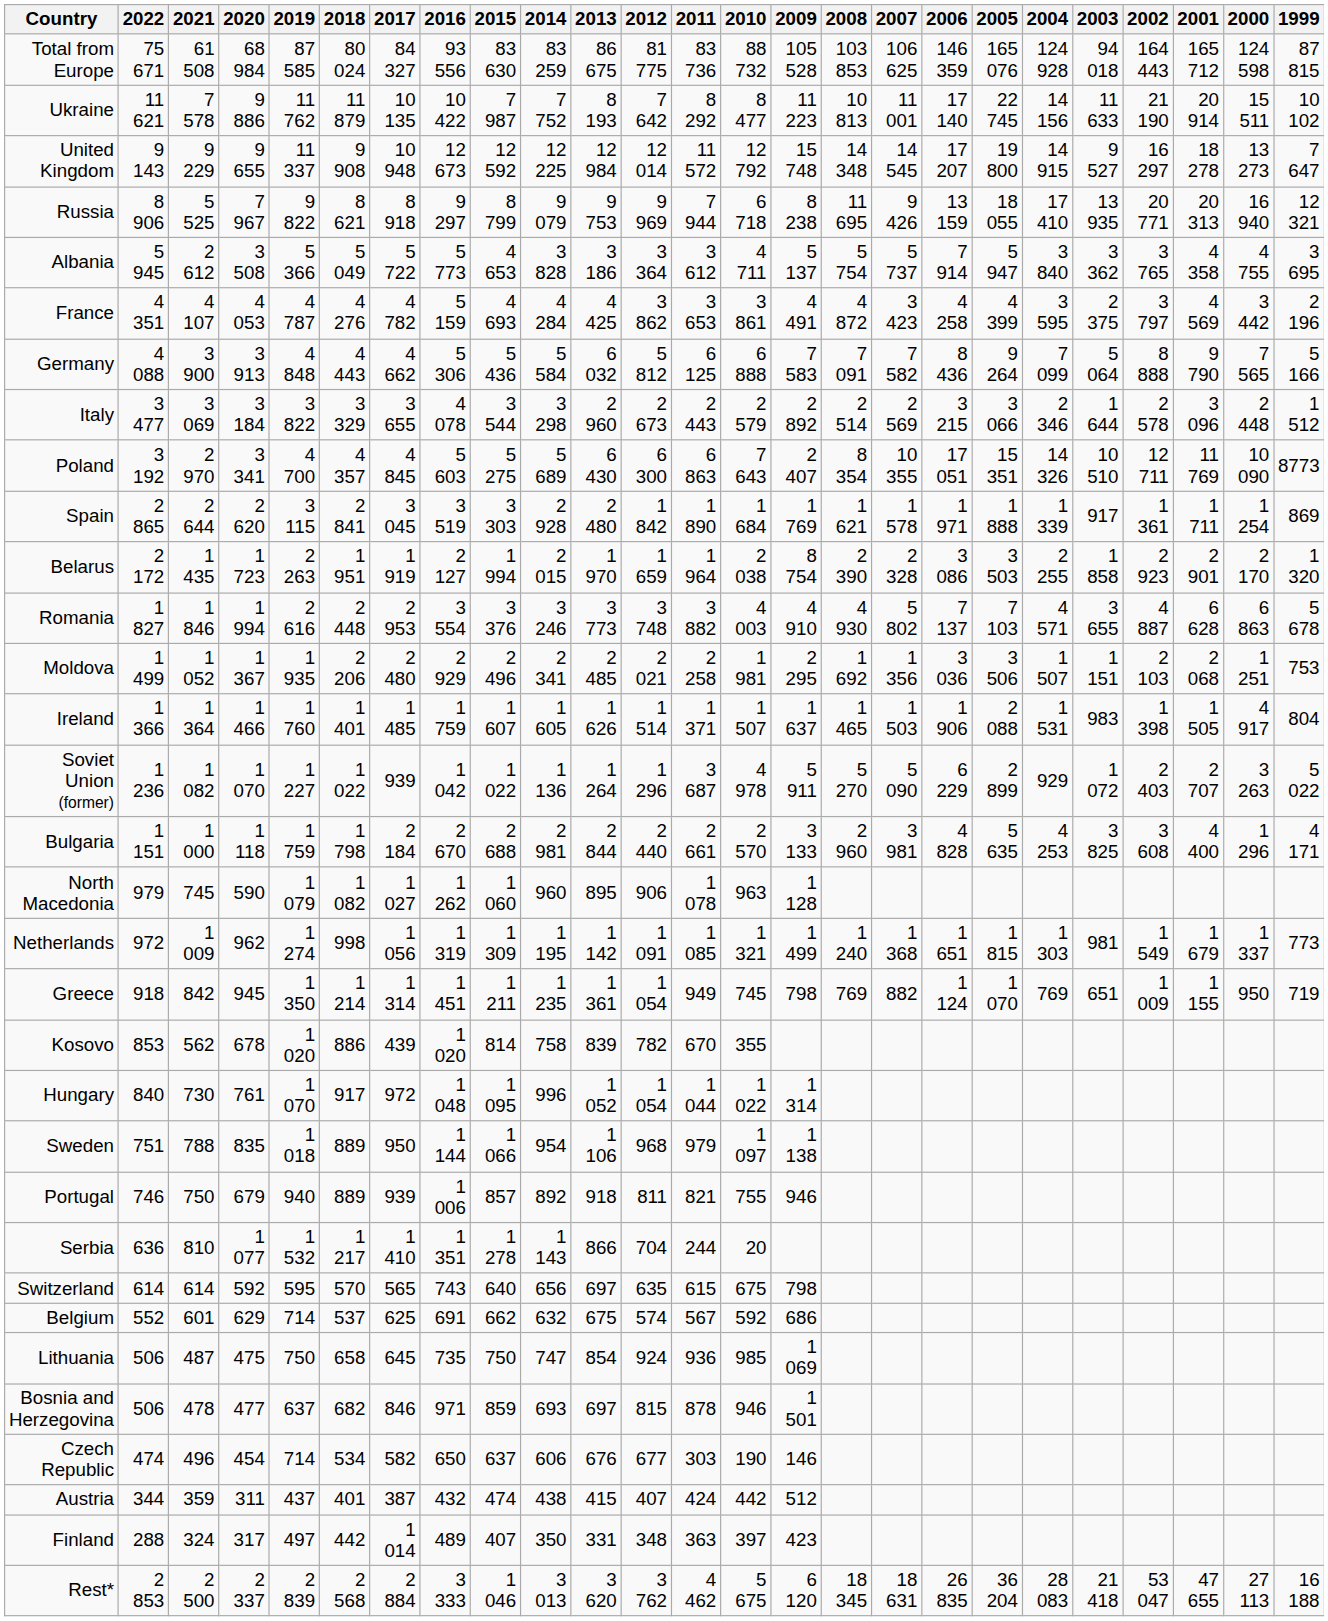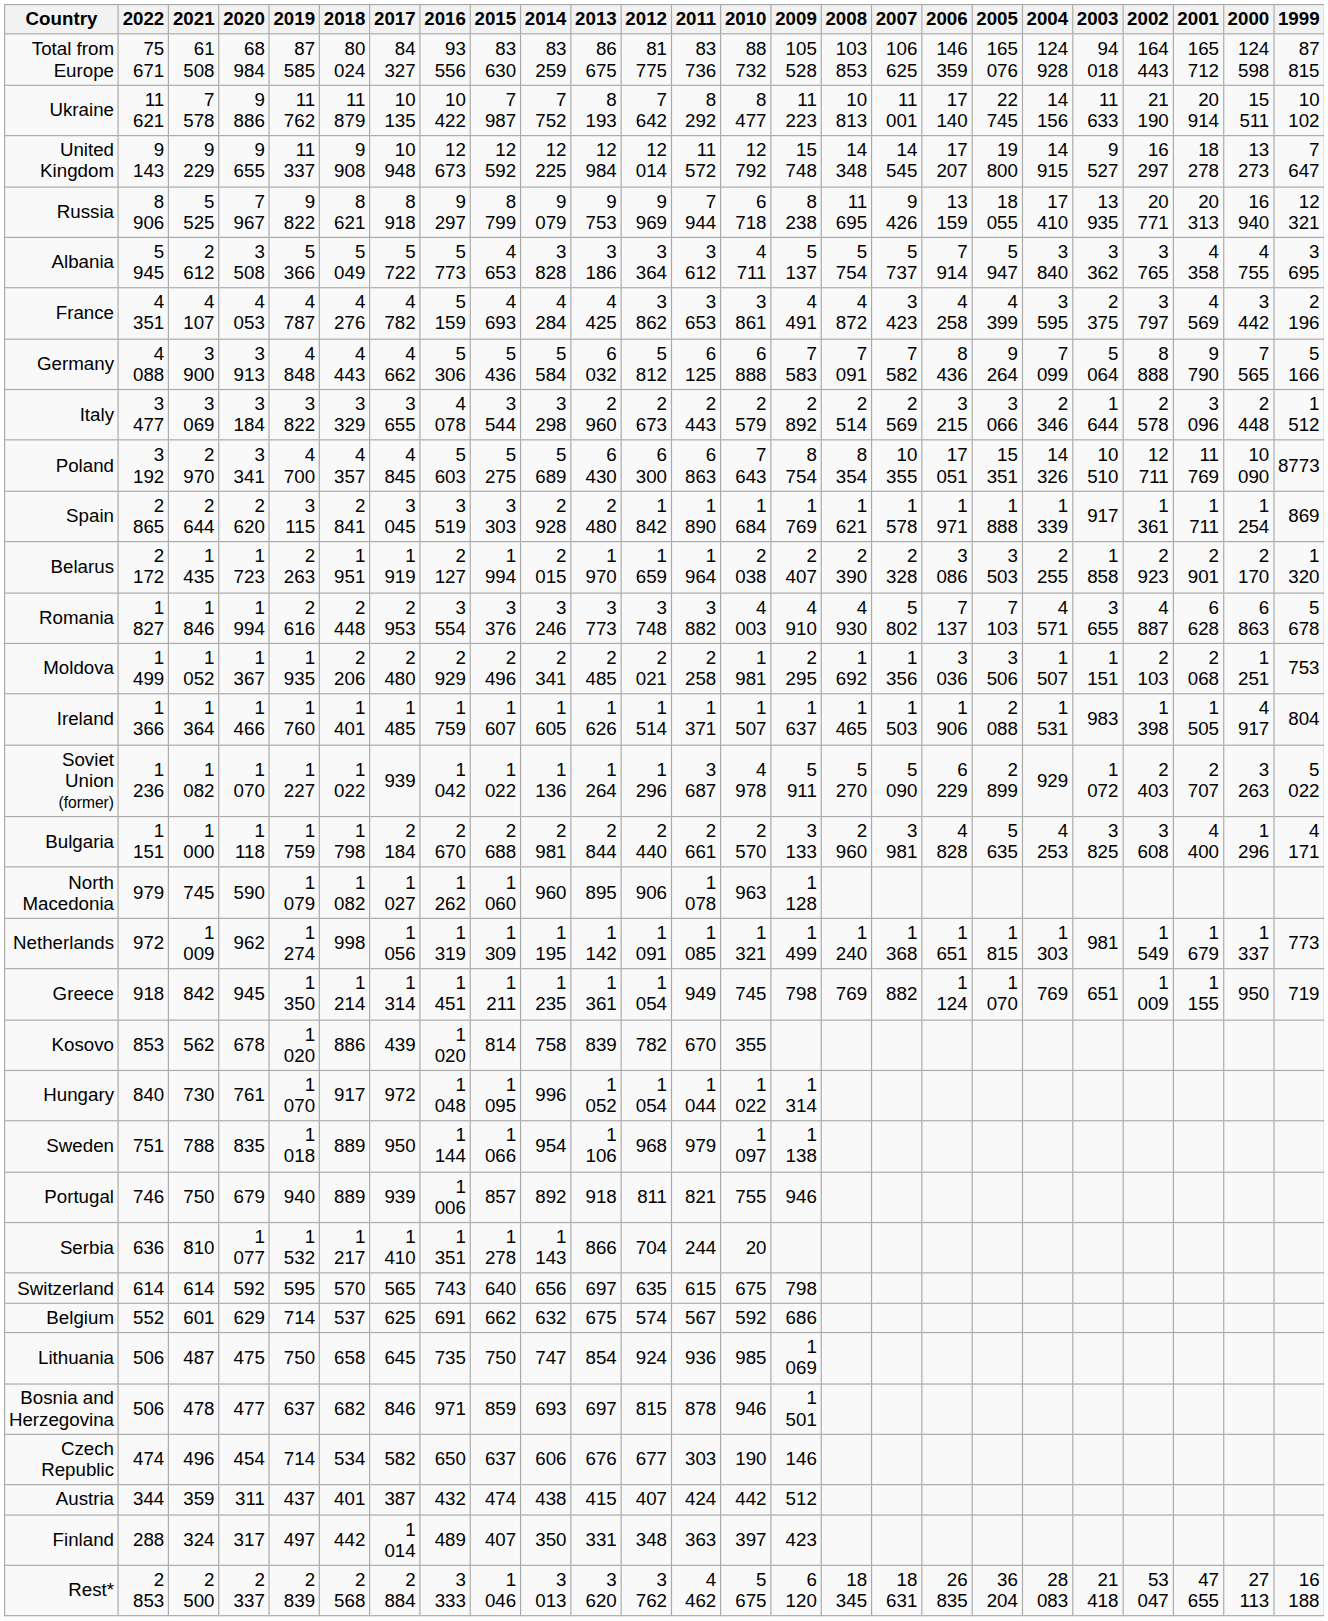 <table class="wikitable" style="text-align: right;">
 <tr>
 <th style="width:120pt;">Country</th>
 <th style="width:120pt;">2022</th>
 <th style="width:120pt;">2021</th>
 <th style="width:120pt;">2020</th>
 <th style="width:120pt;">2019</th>
 <th style="width:120pt;">2018</th>
 <th style="width:120pt;">2017</th>
 <th style="width:120pt;">2016</th>
 <th style="width:120pt;">2015</th>
 <th style="width:120pt;">2014</th>
 <th style="width:120pt;">2013</th>
 <th style="width:120pt;">2012</th>
 <th style="width:120pt;">2011</th>
 <th style="width:120pt;">2010</th>
 <th style="width:120pt;">2009</th>
 <th style="width:120pt;">2008</th>
 <th style="width:120pt;">2007</th>
 <th style="width:120pt;">2006</th>
 <th style="width:120pt;">2005</th>
 <th style="width:120pt;">2004</th>
 <th style="width:120pt;">2003</th>
 <th style="width:120pt;">2002</th>
 <th style="width:120pt;">2001</th>
 <th style="width:120pt;">2000</th>
 <th style="width:120pt;">1999</th>
 </tr>
 <tr>
 <td>Total from Europe</td>
 <td>75 671</td>
 <td>61 508</td>
 <td>68 984</td>
 <td>87 585</td>
 <td>80 024</td>
 <td>84 327</td>
 <td>93 556</td>
 <td>83 630</td>
 <td>83 259</td>
 <td>86 675</td>
 <td>81 775</td>
 <td>83 736</td>
 <td>88 732</td>
 <td>105 528</td>
 <td>103 853</td>
 <td>106 625</td>
 <td>146 359</td>
 <td>165 076</td>
 <td>124 928</td>
 <td>94 018</td>
 <td>164 443</td>
 <td>165 712</td>
 <td>124 598</td>
 <td>87 815</td>
 </tr>
 <tr>
 <td>Ukraine</td>
 <td>11 621</td>
 <td>7 578</td>
 <td>9 886</td>
 <td>11 762</td>
 <td>11 879</td>
 <td>10 135</td>
 <td>10 422</td>
 <td>7 987</td>
 <td>7 752</td>
 <td>8 193</td>
 <td>7 642</td>
 <td>8 292</td>
 <td>8 477</td>
 <td>11 223</td>
 <td>10 813</td>
 <td>11 001</td>
 <td>17 140</td>
 <td>22 745</td>
 <td>14 156</td>
 <td>11 633</td>
 <td>21 190</td>
 <td>20 914</td>
 <td>15 511</td>
 <td>10 102</td>
 </tr>
 <tr>
 <td>United Kingdom</td>
 <td>9 143</td>
 <td>9 229</td>
 <td>9 655</td>
 <td>11 337</td>
 <td>9 908</td>
 <td>10 948</td>
 <td>12 673</td>
 <td>12 592</td>
 <td>12 225</td>
 <td>12 984</td>
 <td>12 014</td>
 <td>11 572</td>
 <td>12 792</td>
 <td>15 748</td>
 <td>14 348</td>
 <td>14 545</td>
 <td>17 207</td>
 <td>19 800</td>
 <td>14 915</td>
 <td>9 527</td>
 <td>16 297</td>
 <td>18 278</td>
 <td>13 273</td>
 <td>7 647</td>
 </tr>
 <tr>
 <td>Russia</td>
 <td>8 906</td>
 <td>5 525</td>
 <td>7 967</td>
 <td>9 822</td>
 <td>8 621</td>
 <td>8 918</td>
 <td>9 297</td>
 <td>8 799</td>
 <td>9 079</td>
 <td>9 753</td>
 <td>9 969</td>
 <td>7 944</td>
 <td>6 718</td>
 <td>8 238</td>
 <td>11 695</td>
 <td>9 426</td>
 <td>13 159</td>
 <td>18 055</td>
 <td>17 410</td>
 <td>13 935</td>
 <td>20 771</td>
 <td>20 313</td>
 <td>16 940</td>
 <td>12 321</td>
 </tr>
 <tr>
 <td>Albania</td>
 <td>5 945</td>
 <td>2 612</td>
 <td>3 508</td>
 <td>5 366</td>
 <td>5 049</td>
 <td>5 722</td>
 <td>5 773</td>
 <td>4 653</td>
 <td>3 828</td>
 <td>3 186</td>
 <td>3 364</td>
 <td>3 612</td>
 <td>4 711</td>
 <td>5 137</td>
 <td>5 754</td>
 <td>5 737</td>
 <td>7 914</td>
 <td>5 947</td>
 <td>3 840</td>
 <td>3 362</td>
 <td>3 765</td>
 <td>4 358</td>
 <td>4 755</td>
 <td>3 695</td>
 </tr>
 <tr>
 <td>France</td>
 <td>4 351</td>
 <td>4 107</td>
 <td>4 053</td>
 <td>4 787</td>
 <td>4 276</td>
 <td>4 782</td>
 <td>5 159</td>
 <td>4 693</td>
 <td>4 284</td>
 <td>4 425</td>
 <td>3 862</td>
 <td>3 653</td>
 <td>3 861</td>
 <td>4 491</td>
 <td>4 872</td>
 <td>3 423</td>
 <td>4 258</td>
 <td>4 399</td>
 <td>3 595</td>
 <td>2 375</td>
 <td>3 797</td>
 <td>4 569</td>
 <td>3 442</td>
 <td>2 196</td>
 </tr>
 <tr>
 <td>Germany</td>
 <td>4 088</td>
 <td>3 900</td>
 <td>3 913</td>
 <td>4 848</td>
 <td>4 443</td>
 <td>4 662</td>
 <td>5 306</td>
 <td>5 436</td>
 <td>5 584</td>
 <td>6 032</td>
 <td>5 812</td>
 <td>6 125</td>
 <td>6 888</td>
 <td>7 583</td>
 <td>7 091</td>
 <td>7 582</td>
 <td>8 436</td>
 <td>9 264</td>
 <td>7 099</td>
 <td>5 064</td>
 <td>8 888</td>
 <td>9 790</td>
 <td>7 565</td>
 <td>5 166</td>
 </tr>
 <tr>
 <td>Italy</td>
 <td>3 477</td>
 <td>3 069</td>
 <td>3 184</td>
 <td>3 822</td>
 <td>3 329</td>
 <td>3 655</td>
 <td>4 078</td>
 <td>3 544</td>
 <td>3 298</td>
 <td>2 960</td>
 <td>2 673</td>
 <td>2 443</td>
 <td>2 579</td>
 <td>2 892</td>
 <td>2 514</td>
 <td>2 569</td>
 <td>3 215</td>
 <td>3 066</td>
 <td>2 346</td>
 <td>1 644</td>
 <td>2 578</td>
 <td>3 096</td>
 <td>2 448</td>
 <td>1 512</td>
 </tr>
 <tr>
 <td>Poland</td>
 <td>3 192</td>
 <td>2 970</td>
 <td>3 341</td>
 <td>4 700</td>
 <td>4 357</td>
 <td>4 845</td>
 <td>5 603</td>
 <td>5 275</td>
 <td>5 689</td>
 <td>6 430</td>
 <td>6 300</td>
 <td>6 863</td>
 <td>7 643</td>
-<td>2 407</td>
+<td>8 754</td>
 <td>8 354</td>
 <td>10 355</td>
 <td>17 051</td>
 <td>15 351</td>
 <td>14 326</td>
 <td>10 510</td>
 <td>12 711</td>
 <td>11 769</td>
 <td>10 090</td>
 <td>8773</td>
 </tr>
 <tr>
 <td>Spain</td>
 <td>2 865</td>
 <td>2 644</td>
 <td>2 620</td>
 <td>3 115</td>
 <td>2 841</td>
 <td>3 045</td>
 <td>3 519</td>
 <td>3 303</td>
 <td>2 928</td>
 <td>2 480</td>
 <td>1 842</td>
 <td>1 890</td>
 <td>1 684</td>
 <td>1 769</td>
 <td>1 621</td>
 <td>1 578</td>
 <td>1 971</td>
 <td>1 888</td>
 <td>1 339</td>
 <td>917</td>
 <td>1 361</td>
 <td>1 711</td>
 <td>1 254</td>
 <td>869</td>
 </tr>
 <tr>
 <td>Belarus</td>
 <td>2 172</td>
 <td>1 435</td>
 <td>1 723</td>
 <td>2 263</td>
 <td>1 951</td>
 <td>1 919</td>
 <td>2 127</td>
 <td>1 994</td>
 <td>2 015</td>
 <td>1 970</td>
 <td>1 659</td>
 <td>1 964</td>
 <td>2 038</td>
-<td>8 754</td>
+<td>2 407</td>
 <td>2 390</td>
 <td>2 328</td>
 <td>3 086</td>
 <td>3 503</td>
 <td>2 255</td>
 <td>1 858</td>
 <td>2 923</td>
 <td>2 901</td>
 <td>2 170</td>
 <td>1 320</td>
 </tr>
 <tr>
 <td>Romania</td>
 <td>1 827</td>
 <td>1 846</td>
 <td>1 994</td>
 <td>2 616</td>
 <td>2 448</td>
 <td>2 953</td>
 <td>3 554</td>
 <td>3 376</td>
 <td>3 246</td>
 <td>3 773</td>
 <td>3 748</td>
 <td>3 882</td>
 <td>4 003</td>
 <td>4 910</td>
 <td>4 930</td>
 <td>5 802</td>
 <td>7 137</td>
 <td>7 103</td>
 <td>4 571</td>
 <td>3 655</td>
 <td>4 887</td>
 <td>6 628</td>
 <td>6 863</td>
 <td>5 678</td>
 </tr>
 <tr>
 <td>Moldova</td>
 <td>1 499</td>
 <td>1 052</td>
 <td>1 367</td>
 <td>1 935</td>
 <td>2 206</td>
 <td>2 480</td>
 <td>2 929</td>
 <td>2 496</td>
 <td>2 341</td>
 <td>2 485</td>
 <td>2 021</td>
 <td>2 258</td>
 <td>1 981</td>
 <td>2 295</td>
 <td>1 692</td>
 <td>1 356</td>
 <td>3 036</td>
 <td>3 506</td>
 <td>1 507</td>
 <td>1 151</td>
 <td>2 103</td>
 <td>2 068</td>
 <td>1 251</td>
 <td>753</td>
 </tr>
 <tr>
 <td>Ireland</td>
 <td>1 366</td>
 <td>1 364</td>
 <td>1 466</td>
 <td>1 760</td>
 <td>1 401</td>
 <td>1 485</td>
 <td>1 759</td>
 <td>1 607</td>
 <td>1 605</td>
 <td>1 626</td>
 <td>1 514</td>
 <td>1 371</td>
 <td>1 507</td>
 <td>1 637</td>
 <td>1 465</td>
 <td>1 503</td>
 <td>1 906</td>
 <td>2 088</td>
 <td>1 531</td>
 <td>983</td>
 <td>1 398</td>
 <td>1 505</td>
 <td>4 917</td>
 <td>804</td>
 </tr>
 <tr>
 <td>Soviet Union <small>(former)</small></td>
 <td>1 236</td>
 <td>1 082</td>
 <td>1 070</td>
 <td>1 227</td>
 <td>1 022</td>
 <td>939</td>
 <td>1 042</td>
 <td>1 022</td>
 <td>1 136</td>
 <td>1 264</td>
 <td>1 296</td>
 <td>3 687</td>
 <td>4 978</td>
 <td>5 911</td>
 <td>5 270</td>
 <td>5 090</td>
 <td>6 229</td>
 <td>2 899</td>
 <td>929</td>
 <td>1 072</td>
 <td>2 403</td>
 <td>2 707</td>
 <td>3 263</td>
 <td>5  022</td>
 </tr>
 <tr>
 <td>Bulgaria</td>
 <td>1 151</td>
 <td>1 000</td>
 <td>1 118</td>
 <td>1 759</td>
 <td>1 798</td>
 <td>2 184</td>
 <td>2 670</td>
 <td>2 688</td>
 <td>2 981</td>
 <td>2 844</td>
 <td>2 440</td>
 <td>2 661</td>
 <td>2 570</td>
 <td>3 133</td>
 <td>2 960</td>
 <td>3 981</td>
 <td>4 828</td>
 <td>5 635</td>
 <td>4 253</td>
 <td>3 825</td>
 <td>3 608</td>
 <td>4 400</td>
 <td>1 296</td>
 <td>4 171</td>
 </tr>
 <tr>
 <td>North Macedonia</td>
 <td>979</td>
 <td>745</td>
 <td>590</td>
 <td>1 079</td>
 <td>1 082</td>
 <td>1 027</td>
 <td>1 262</td>
 <td>1 060</td>
 <td>960</td>
 <td>895</td>
 <td>906</td>
 <td>1 078</td>
 <td>963</td>
 <td>1 128</td>
 <td></td>
 <td></td>
 <td></td>
 <td></td>
 <td></td>
 <td></td>
 <td></td>
 <td></td>
 <td></td>
 <td></td>
 </tr>
 <tr>
 <td>Netherlands</td>
 <td>972</td>
 <td>1 009</td>
 <td>962</td>
 <td>1 274</td>
 <td>998</td>
 <td>1 056</td>
 <td>1 319</td>
 <td>1 309</td>
 <td>1 195</td>
 <td>1 142</td>
 <td>1 091</td>
 <td>1 085</td>
 <td>1 321</td>
 <td>1 499</td>
 <td>1 240</td>
 <td>1 368</td>
 <td>1 651</td>
 <td>1 815</td>
 <td>1 303</td>
 <td>981</td>
 <td>1 549</td>
 <td>1 679</td>
 <td>1 337</td>
 <td>773</td>
 </tr>
 <tr>
 <td>Greece</td>
 <td>918</td>
 <td>842</td>
 <td>945</td>
 <td>1 350</td>
 <td>1 214</td>
 <td>1 314</td>
 <td>1 451</td>
 <td>1 211</td>
 <td>1 235</td>
 <td>1 361</td>
 <td>1 054</td>
 <td>949</td>
 <td>745</td>
 <td>798</td>
 <td>769</td>
 <td>882</td>
 <td>1 124</td>
 <td>1 070</td>
 <td>769</td>
 <td>651</td>
 <td>1 009</td>
 <td>1 155</td>
 <td>950</td>
 <td>719</td>
 </tr>
 <tr>
 <td>Kosovo</td>
 <td>853</td>
 <td>562</td>
 <td>678</td>
 <td>1 020</td>
 <td>886</td>
 <td>439</td>
 <td>1 020</td>
 <td>814</td>
 <td>758</td>
 <td>839</td>
 <td>782</td>
 <td>670</td>
 <td>355</td>
 <td></td>
 <td></td>
 <td></td>
 <td></td>
 <td></td>
 <td></td>
 <td></td>
 <td></td>
 <td></td>
 <td></td>
 <td></td>
 </tr>
 <tr>
 <td>Hungary</td>
 <td>840</td>
 <td>730</td>
 <td>761</td>
 <td>1 070</td>
 <td>917</td>
 <td>972</td>
 <td>1 048</td>
 <td>1 095</td>
 <td>996</td>
 <td>1 052</td>
 <td>1 054</td>
 <td>1 044</td>
 <td>1 022</td>
 <td>1 314</td>
 <td></td>
 <td></td>
 <td></td>
 <td></td>
 <td></td>
 <td></td>
 <td></td>
 <td></td>
 <td></td>
 <td></td>
 </tr>
 <tr>
 <td>Sweden</td>
 <td>751</td>
 <td>788</td>
 <td>835</td>
 <td>1 018</td>
 <td>889</td>
 <td>950</td>
 <td>1 144</td>
 <td>1 066</td>
 <td>954</td>
 <td>1 106</td>
 <td>968</td>
 <td>979</td>
 <td>1 097</td>
 <td>1 138</td>
 <td></td>
 <td></td>
 <td></td>
 <td></td>
 <td></td>
 <td></td>
 <td></td>
 <td></td>
 <td></td>
 <td></td>
 </tr>
 <tr>
 <td>Portugal</td>
 <td>746</td>
 <td>750</td>
 <td>679</td>
 <td>940</td>
 <td>889</td>
 <td>939</td>
 <td>1 006</td>
 <td>857</td>
 <td>892</td>
 <td>918</td>
 <td>811</td>
 <td>821</td>
 <td>755</td>
 <td>946</td>
 <td></td>
 <td></td>
 <td></td>
 <td></td>
 <td></td>
 <td></td>
 <td></td>
 <td></td>
 <td></td>
 </tr>
 <tr>
 <td>Serbia</td>
 <td>636</td>
 <td>810</td>
 <td>1 077</td>
 <td>1 532</td>
 <td>1 217</td>
 <td>1 410</td>
 <td>1 351</td>
 <td>1 278</td>
 <td>1 143</td>
 <td>866</td>
 <td>704</td>
 <td>244</td>
 <td>20</td>
 <td></td>
 <td></td>
 <td></td>
 <td></td>
 <td></td>
 <td></td>
 <td></td>
 <td></td>
 <td></td>
 <td></td>
 <td></td>
 </tr>
 <tr>
 <td>Switzerland</td>
 <td>614</td>
 <td>614</td>
 <td>592</td>
 <td>595</td>
 <td>570</td>
 <td>565</td>
 <td>743</td>
 <td>640</td>
 <td>656</td>
 <td>697</td>
 <td>635</td>
 <td>615</td>
 <td>675</td>
 <td>798</td>
 <td></td>
 <td></td>
 <td></td>
 <td></td>
 <td></td>
 <td></td>
 <td></td>
 <td></td>
 <td></td>
 <td></td>
 </tr>
 <tr>
 <td>Belgium</td>
 <td>552</td>
 <td>601</td>
 <td>629</td>
 <td>714</td>
 <td>537</td>
 <td>625</td>
 <td>691</td>
 <td>662</td>
 <td>632</td>
 <td>675</td>
 <td>574</td>
 <td>567</td>
 <td>592</td>
 <td>686</td>
 <td></td>
 <td></td>
 <td></td>
 <td></td>
 <td></td>
 <td></td>
 <td></td>
 <td></td>
 <td></td>
 <td></td>
 </tr>
 <tr>
 <td>Lithuania</td>
 <td>506</td>
 <td>487</td>
 <td>475</td>
 <td>750</td>
 <td>658</td>
 <td>645</td>
 <td>735</td>
 <td>750</td>
 <td>747</td>
 <td>854</td>
 <td>924</td>
 <td>936</td>
 <td>985</td>
 <td>1 069</td>
 <td></td>
 <td></td>
 <td></td>
 <td></td>
 <td></td>
 <td></td>
 <td></td>
 <td></td>
 <td></td>
 <td></td>
 </tr>
 <tr>
 <td>Bosnia and Herzegovina</td>
 <td>506</td>
 <td>478</td>
 <td>477</td>
 <td>637</td>
 <td>682</td>
 <td>846</td>
 <td>971</td>
 <td>859</td>
 <td>693</td>
 <td>697</td>
 <td>815</td>
 <td>878</td>
 <td>946</td>
 <td>1 501</td>
 <td></td>
 <td></td>
 <td></td>
 <td></td>
 <td></td>
 <td></td>
 <td></td>
 <td></td>
 <td></td>
 <td></td>
 </tr>
 <tr>
 <td>Czech Republic</td>
 <td>474</td>
 <td>496</td>
 <td>454</td>
 <td>714</td>
 <td>534</td>
 <td>582</td>
 <td>650</td>
 <td>637</td>
 <td>606</td>
 <td>676</td>
 <td>677</td>
 <td>303</td>
 <td>190</td>
 <td>146</td>
 <td></td>
 <td></td>
 <td></td>
 <td></td>
 <td></td>
 <td></td>
 <td></td>
 <td></td>
 <td></td>
 <td></td>
 </tr>
 <tr>
 <td>Austria</td>
 <td>344</td>
 <td>359</td>
 <td>311</td>
 <td>437</td>
 <td>401</td>
 <td>387</td>
 <td>432</td>
 <td>474</td>
 <td>438</td>
 <td>415</td>
 <td>407</td>
 <td>424</td>
 <td>442</td>
 <td>512</td>
 <td></td>
 <td></td>
 <td></td>
 <td></td>
 <td></td>
 <td></td>
 <td></td>
 <td></td>
 <td></td>
 <td></td>
 </tr>
 <tr>
 <td>Finland</td>
 <td>288</td>
 <td>324</td>
 <td>317</td>
 <td>497</td>
 <td>442</td>
 <td>1 014</td>
 <td>489</td>
 <td>407</td>
 <td>350</td>
 <td>331</td>
 <td>348</td>
 <td>363</td>
 <td>397</td>
 <td>423</td>
 <td></td>
 <td></td>
 <td></td>
 <td></td>
 <td></td>
 <td></td>
 <td></td>
 <td></td>
 <td></td>
 <td></td>
 </tr>
 <tr>
 <td>Rest*</td>
 <td>2 853</td>
 <td>2 500</td>
 <td>2 337</td>
 <td>2 839</td>
 <td>2 568</td>
 <td>2 884</td>
 <td>3 333</td>
 <td>1 046</td>
 <td>3 013</td>
 <td>3 620</td>
 <td>3 762</td>
 <td>4 462</td>
 <td>5 675</td>
 <td>6 120</td>
 <td>18 345</td>
 <td>18 631</td>
 <td>26 835</td>
 <td>36 204</td>
 <td>28 083</td>
 <td>21 418</td>
 <td>53 047</td>
 <td>47 655</td>
 <td>27 113</td>
 <td>16 188</td>
 </tr>
 </table>
